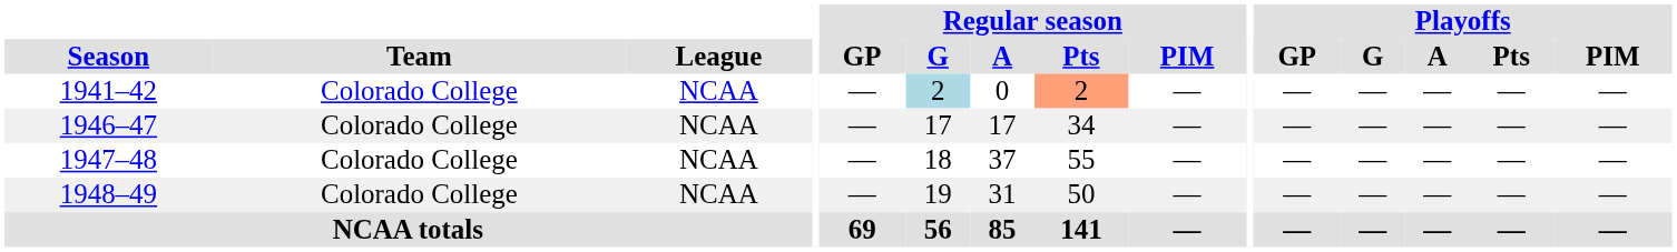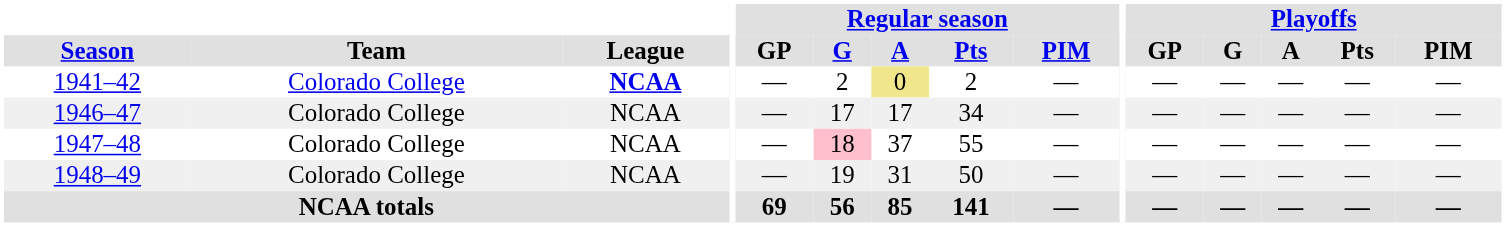 <table border="0" cellpadding="1" cellspacing="0" style="text-align:center; width:60em">
 <tr bgcolor="#e0e0e0">
 <th colspan="3" bgcolor="#ffffff"></th>
 <th rowspan="99" bgcolor="#ffffff"></th>
 <th colspan="5"><a href='#'>Regular season</a></th>
 <th rowspan="99" bgcolor="#ffffff"></th>
 <th colspan="5"><a href='#'>Playoffs</a></th>
 </tr>
 <tr bgcolor="#e0e0e0">
 <th><a href='#'>Season</a></th>
 <th>Team</th>
 <th>League</th>
 <th>GP</th>
 <th><a href='#'>G</a></th>
 <th><a href='#'>A</a></th>
 <th><a href='#'>Pts</a></th>
 <th><a href='#'>PIM</a></th>
 <th>GP</th>
 <th>G</th>
 <th>A</th>
 <th>Pts</th>
 <th>PIM</th>
 </tr>
 <tr>
 <td><a href='#'>1941–42</a></td>
 <td><a href='#'>Colorado College</a></td>
-<td><a href='#'>NCAA</a></td>
+<td><strong><a href='#'>NCAA</a></strong></td>
 <td>—</td>
-<td style="background: lightblue;">2</td>
-<td>0</td>
-<td style="background: lightsalmon;">2</td>
+<td>2</td>
+<td style="background: khaki;">0</td>
+<td>2</td>
 <td>—</td>
 <td>—</td>
 <td>—</td>
 <td>—</td>
 <td>—</td>
 <td>—</td>
 </tr>
 <tr bgcolor="#f0f0f0">
 <td><a href='#'>1946–47</a></td>
 <td>Colorado College</td>
 <td>NCAA</td>
 <td>—</td>
 <td>17</td>
 <td>17</td>
 <td>34</td>
 <td>—</td>
 <td>—</td>
 <td>—</td>
 <td>—</td>
 <td>—</td>
 <td>—</td>
 </tr>
 <tr>
 <td><a href='#'>1947–48</a></td>
 <td>Colorado College</td>
 <td>NCAA</td>
 <td>—</td>
-<td>18</td>
+<td style="background: pink;">18</td>
 <td>37</td>
 <td>55</td>
 <td>—</td>
 <td>—</td>
 <td>—</td>
 <td>—</td>
 <td>—</td>
 <td>—</td>
 </tr>
 <tr bgcolor="#f0f0f0">
 <td><a href='#'>1948–49</a></td>
 <td>Colorado College</td>
 <td>NCAA</td>
 <td>—</td>
 <td>19</td>
 <td>31</td>
 <td>50</td>
 <td>—</td>
 <td>—</td>
 <td>—</td>
 <td>—</td>
 <td>—</td>
 <td>—</td>
 </tr>
 <tr bgcolor="#e0e0e0">
 <th colspan="3">NCAA totals</th>
 <th>69</th>
 <th>56</th>
 <th>85</th>
 <th>141</th>
 <th>—</th>
 <th>—</th>
 <th>—</th>
 <th>—</th>
 <th>—</th>
 <th>—</th>
 </tr>
 </table>
